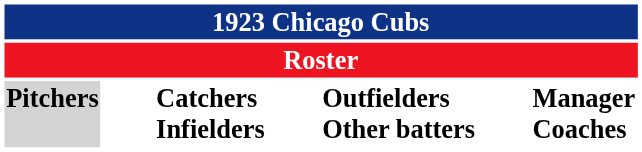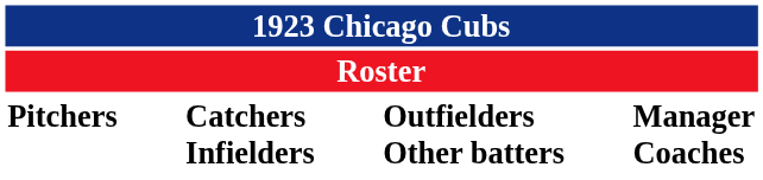 <table class="toccolours" style="font-size: 95%;">
 <tr>
 <th colspan="10" style="background-color: #0e3386; color: white; text-align: center;">1923 Chicago Cubs</th>
 </tr>
 <tr>
 <td colspan="10" style="background-color: #EE1422; color: white; text-align: center;"><strong>Roster</strong></td>
 </tr>
 <tr>
-<td valign="top" style="background: lightgrey;"><strong>Pitchers</strong><br>           </td>
+<td valign="top"><strong>Pitchers</strong><br>           </td>
 <td width="25px"></td>
 <td valign="top"><strong>Catchers</strong><br>   <strong>Infielders</strong>        </td>
 <td width="25px"></td>
 <td valign="top"><strong>Outfielders</strong><br>        <strong>Other batters</strong> </td>
 <td width="25px"></td>
 <td valign="top"><strong>Manager</strong><br> <strong>Coaches</strong> </td>
 </tr>
 </table>
